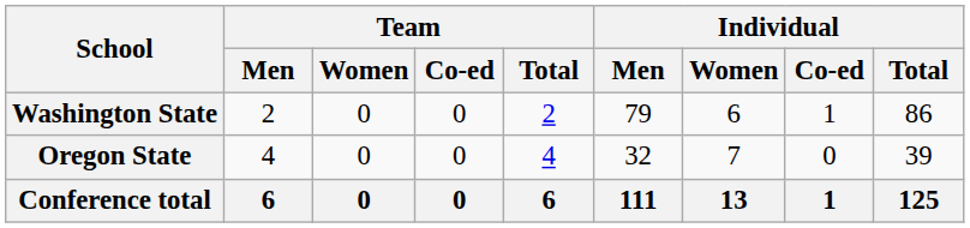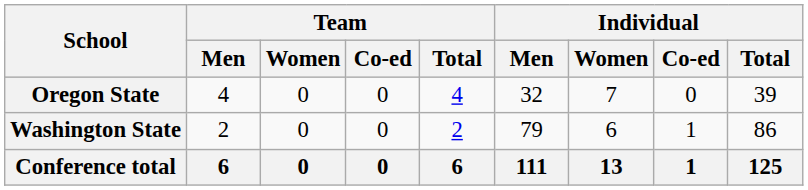 <table class="wikitable" style="text-align:center">
 <tr>
 <th rowspan=2>School</th>
 <th colspan=4>Team</th>
 <th colspan=4>Individual</th>
 </tr>
 <tr>
 <th width=45>Men</th>
 <th width=45>Women</th>
 <th width=45>Co-ed</th>
 <th width=45>Total</th>
 <th width=45>Men</th>
 <th width=45>Women</th>
 <th width=45>Co-ed</th>
 <th width=45>Total</th>
 </tr>
 <tr>
+<th>Oregon State</th>
+<td>4</td>
+<td>0</td>
+<td>0</td>
+<td><a href='#'>4</a></td>
+<td>32</td>
+<td>7</td>
+<td>0</td>
+<td>39</td>
+</tr>
+<tr>
 <th>Washington State</th>
 <td>2</td>
 <td>0</td>
 <td>0</td>
 <td><a href='#'>2</a></td>
 <td>79</td>
 <td>6</td>
 <td>1</td>
 <td>86</td>
-</tr>
-<tr>
-<th>Oregon State</th>
-<td>4</td>
-<td>0</td>
-<td>0</td>
-<td><a href='#'>4</a></td>
-<td>32</td>
-<td>7</td>
-<td>0</td>
-<td>39</td>
 </tr>
 <tr>
 <th>Conference total</th>
 <th>6</th>
 <th>0</th>
 <th>0</th>
 <th>6</th>
 <th>111</th>
 <th>13</th>
 <th>1</th>
 <th>125</th>
 </tr>
 </table>
